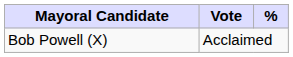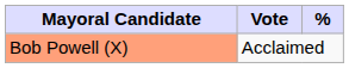 <table class="wikitable">
 <tr>
 <th style="background:#ddf; width:200px;">Mayoral Candidate</th>
 <th style="background:#ddf; width:50px;">Vote</th>
 <th style="background:#ddf; width:30px;">%</th>
 </tr>
 <tr>
-<td>Bob Powell (X)</td>
+<td style="background: lightsalmon;">Bob Powell (X)</td>
 <td colspan="2">Acclaimed</td>
 </tr>
 </table>
